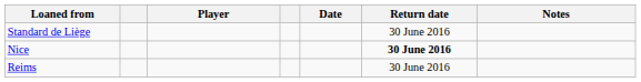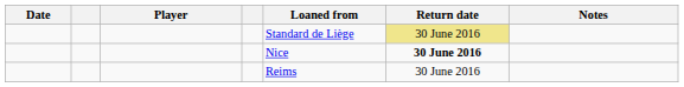 <table class="wikitable sortable">
 <tr>
-<th style="width:155px;">Loaned from</th>
+<th style="width:80px;">Date</th>
 <th style="width:30px;"></th>
 <th style="width:180px;">Player</th>
 <th style="width:20px;"></th>
-<th style="width:80px;">Date</th>
+<th style="width:155px;">Loaned from</th>
 <th style="width:155px;" class="unsortable">Return date</th>
 <th style="width:215px;" class="unsortable">Notes</th>
 </tr>
 <tr>
-<td> <a href='#'>Standard de Liège</a></td>
+<td></td>
 <td align=center></td>
 <td> </td>
 <td></td>
-<td></td>
-<td align=center>30 June 2016</td>
+<td> <a href='#'>Standard de Liège</a></td>
+<td align=center style="background: khaki;">30 June 2016</td>
 <td align=center></td>
 </tr>
 <tr>
-<td> <a href='#'>Nice</a></td>
+<td></td>
 <td align=center></td>
 <td> </td>
 <td></td>
-<td></td>
+<td> <a href='#'>Nice</a></td>
 <td align=center><strong>30 June 2016</strong></td>
 <td align=center></td>
 </tr>
 <tr>
-<td> <a href='#'>Reims</a></td>
+<td></td>
 <td align=center></td>
 <td> </td>
 <td></td>
-<td></td>
+<td> <a href='#'>Reims</a></td>
 <td align=center>30 June 2016</td>
 <td align=center></td>
 </tr>
 </table>
